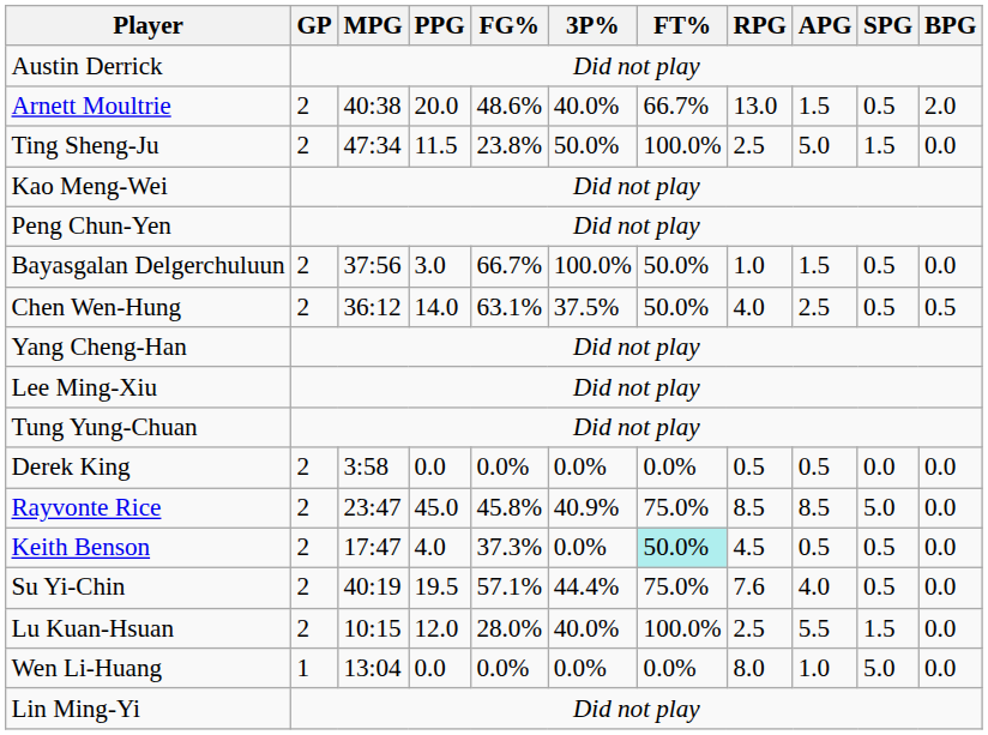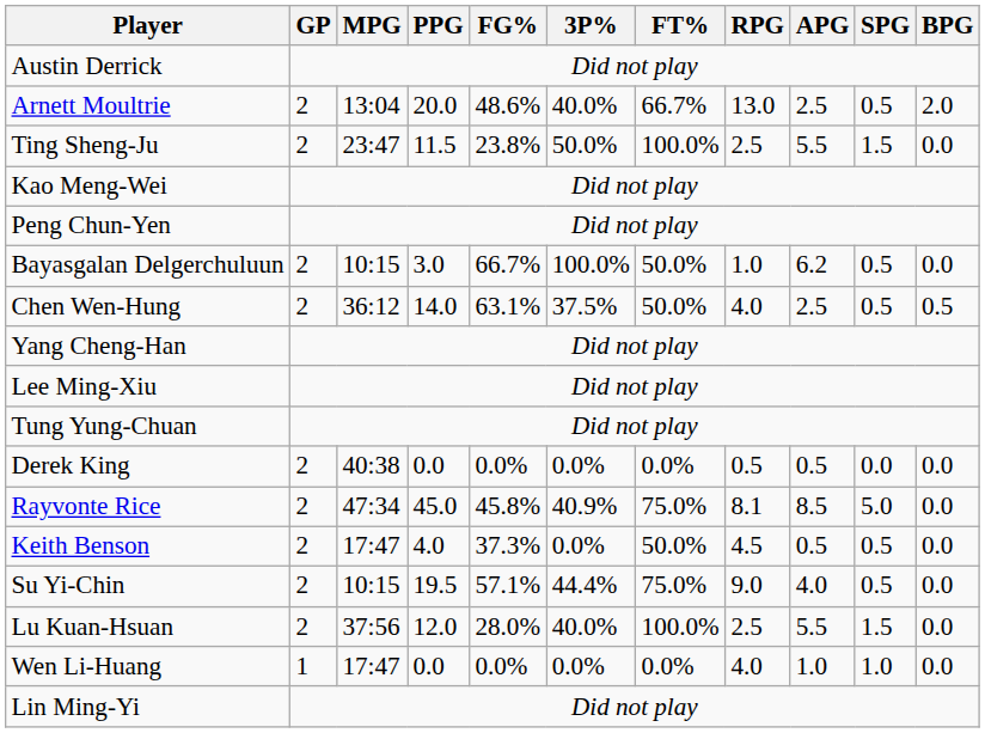 <table class="wikitable">
 <tr>
 <th>Player</th>
 <th>GP</th>
 <th>MPG</th>
 <th>PPG</th>
 <th>FG%</th>
 <th>3P%</th>
 <th>FT%</th>
 <th>RPG</th>
 <th>APG</th>
 <th>SPG</th>
 <th>BPG</th>
 </tr>
 <tr>
 <td>Austin Derrick</td>
 <td colspan=10 align=center><em>Did not play</em></td>
 </tr>
 <tr>
 <td><a href='#'>Arnett Moultrie</a></td>
 <td>2</td>
-<td>40:38</td>
+<td>13:04</td>
 <td>20.0</td>
 <td>48.6%</td>
 <td>40.0%</td>
 <td>66.7%</td>
 <td>13.0</td>
-<td>1.5</td>
+<td>2.5</td>
 <td>0.5</td>
 <td>2.0</td>
 </tr>
 <tr>
 <td>Ting Sheng-Ju</td>
 <td>2</td>
-<td>47:34</td>
+<td>23:47</td>
 <td>11.5</td>
 <td>23.8%</td>
 <td>50.0%</td>
 <td>100.0%</td>
 <td>2.5</td>
-<td>5.0</td>
+<td>5.5</td>
 <td>1.5</td>
 <td>0.0</td>
 </tr>
 <tr>
 <td>Kao Meng-Wei</td>
 <td colspan=10 align=center><em>Did not play</em></td>
 </tr>
 <tr>
 <td>Peng Chun-Yen</td>
 <td colspan=10 align=center><em>Did not play</em></td>
 </tr>
 <tr>
 <td>Bayasgalan Delgerchuluun</td>
 <td>2</td>
-<td>37:56</td>
+<td>10:15</td>
 <td>3.0</td>
 <td>66.7%</td>
 <td>100.0%</td>
 <td>50.0%</td>
 <td>1.0</td>
-<td>1.5</td>
+<td>6.2</td>
 <td>0.5</td>
 <td>0.0</td>
 </tr>
 <tr>
 <td>Chen Wen-Hung</td>
 <td>2</td>
 <td>36:12</td>
 <td>14.0</td>
 <td>63.1%</td>
 <td>37.5%</td>
 <td>50.0%</td>
 <td>4.0</td>
 <td>2.5</td>
 <td>0.5</td>
 <td>0.5</td>
 </tr>
 <tr>
 <td>Yang Cheng-Han</td>
 <td colspan=10 align=center><em>Did not play</em></td>
 </tr>
 <tr>
 <td>Lee Ming-Xiu</td>
 <td colspan=10 align=center><em>Did not play</em></td>
 </tr>
 <tr>
 <td>Tung Yung-Chuan</td>
 <td colspan=10 align=center><em>Did not play</em></td>
 </tr>
 <tr>
 <td>Derek King</td>
 <td>2</td>
-<td>3:58</td>
+<td>40:38</td>
 <td>0.0</td>
 <td>0.0%</td>
 <td>0.0%</td>
 <td>0.0%</td>
 <td>0.5</td>
 <td>0.5</td>
 <td>0.0</td>
 <td>0.0</td>
 </tr>
 <tr>
 <td><a href='#'>Rayvonte Rice</a></td>
 <td>2</td>
-<td>23:47</td>
+<td>47:34</td>
 <td>45.0</td>
 <td>45.8%</td>
 <td>40.9%</td>
 <td>75.0%</td>
-<td>8.5</td>
+<td>8.1</td>
 <td>8.5</td>
 <td>5.0</td>
 <td>0.0</td>
 </tr>
 <tr>
 <td><a href='#'>Keith Benson</a></td>
 <td>2</td>
 <td>17:47</td>
 <td>4.0</td>
 <td>37.3%</td>
 <td>0.0%</td>
-<td style="background: paleturquoise;">50.0%</td>
+<td>50.0%</td>
 <td>4.5</td>
 <td>0.5</td>
 <td>0.5</td>
 <td>0.0</td>
 </tr>
 <tr>
 <td>Su Yi-Chin</td>
 <td>2</td>
-<td>40:19</td>
+<td>10:15</td>
 <td>19.5</td>
 <td>57.1%</td>
 <td>44.4%</td>
 <td>75.0%</td>
-<td>7.6</td>
+<td>9.0</td>
 <td>4.0</td>
 <td>0.5</td>
 <td>0.0</td>
 </tr>
 <tr>
 <td>Lu Kuan-Hsuan</td>
 <td>2</td>
-<td>10:15</td>
+<td>37:56</td>
 <td>12.0</td>
 <td>28.0%</td>
 <td>40.0%</td>
 <td>100.0%</td>
 <td>2.5</td>
 <td>5.5</td>
 <td>1.5</td>
 <td>0.0</td>
 </tr>
 <tr>
 <td>Wen Li-Huang</td>
 <td>1</td>
-<td>13:04</td>
+<td>17:47</td>
 <td>0.0</td>
 <td>0.0%</td>
 <td>0.0%</td>
 <td>0.0%</td>
-<td>8.0</td>
+<td>4.0</td>
 <td>1.0</td>
-<td>5.0</td>
+<td>1.0</td>
 <td>0.0</td>
 </tr>
 <tr>
 <td>Lin Ming-Yi</td>
 <td colspan=10 align=center><em>Did not play</em></td>
 </tr>
 </table>
